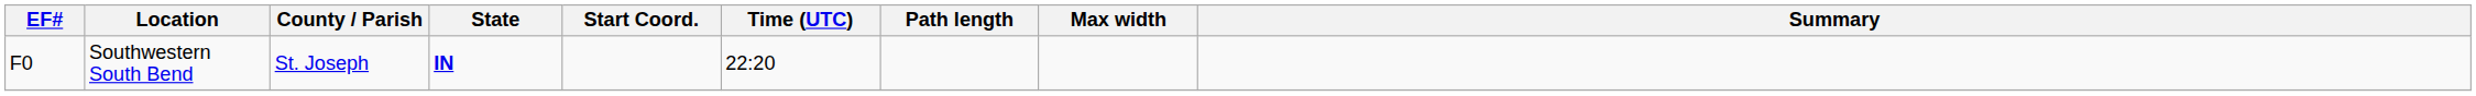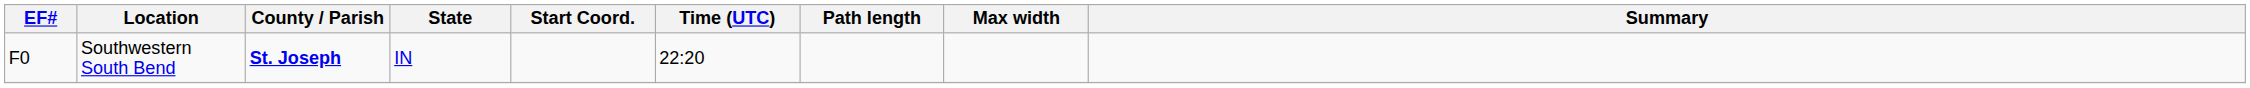 <table class="wikitable sortable" style="width:100%;">
 <tr>
 <th scope="col"  style="width:3%; text-align:center;"><a href='#'>EF#</a></th>
 <th scope="col"  style="width:7%; text-align:center;" class="unsortable">Location</th>
 <th scope="col"  style="width:6%; text-align:center;" class="unsortable">County / Parish</th>
 <th scope="col"  style="width:5%; text-align:center;">State</th>
 <th scope="col"  style="width:6%; text-align:center;">Start Coord.</th>
 <th scope="col"  style="width:6%; text-align:center;">Time (<a href='#'>UTC</a>)</th>
 <th scope="col"  style="width:6%; text-align:center;">Path length</th>
 <th scope="col"  style="width:6%; text-align:center;">Max width</th>
 <th scope="col" class="unsortable" style="width:48%; text-align:center;">Summary</th>
 </tr>
 <tr>
 <td bgcolor=>F0</td>
 <td>Southwestern <a href='#'>South Bend</a></td>
-<td><a href='#'>St. Joseph</a></td>
-<td><strong><a href='#'>IN</a></strong></td>
+<td><strong><a href='#'>St. Joseph</a></strong></td>
+<td><a href='#'>IN</a></td>
 <td></td>
 <td>22:20</td>
 <td></td>
 <td></td>
 <td></td>
 </tr>
 <tr>
 </tr>
 </table>
